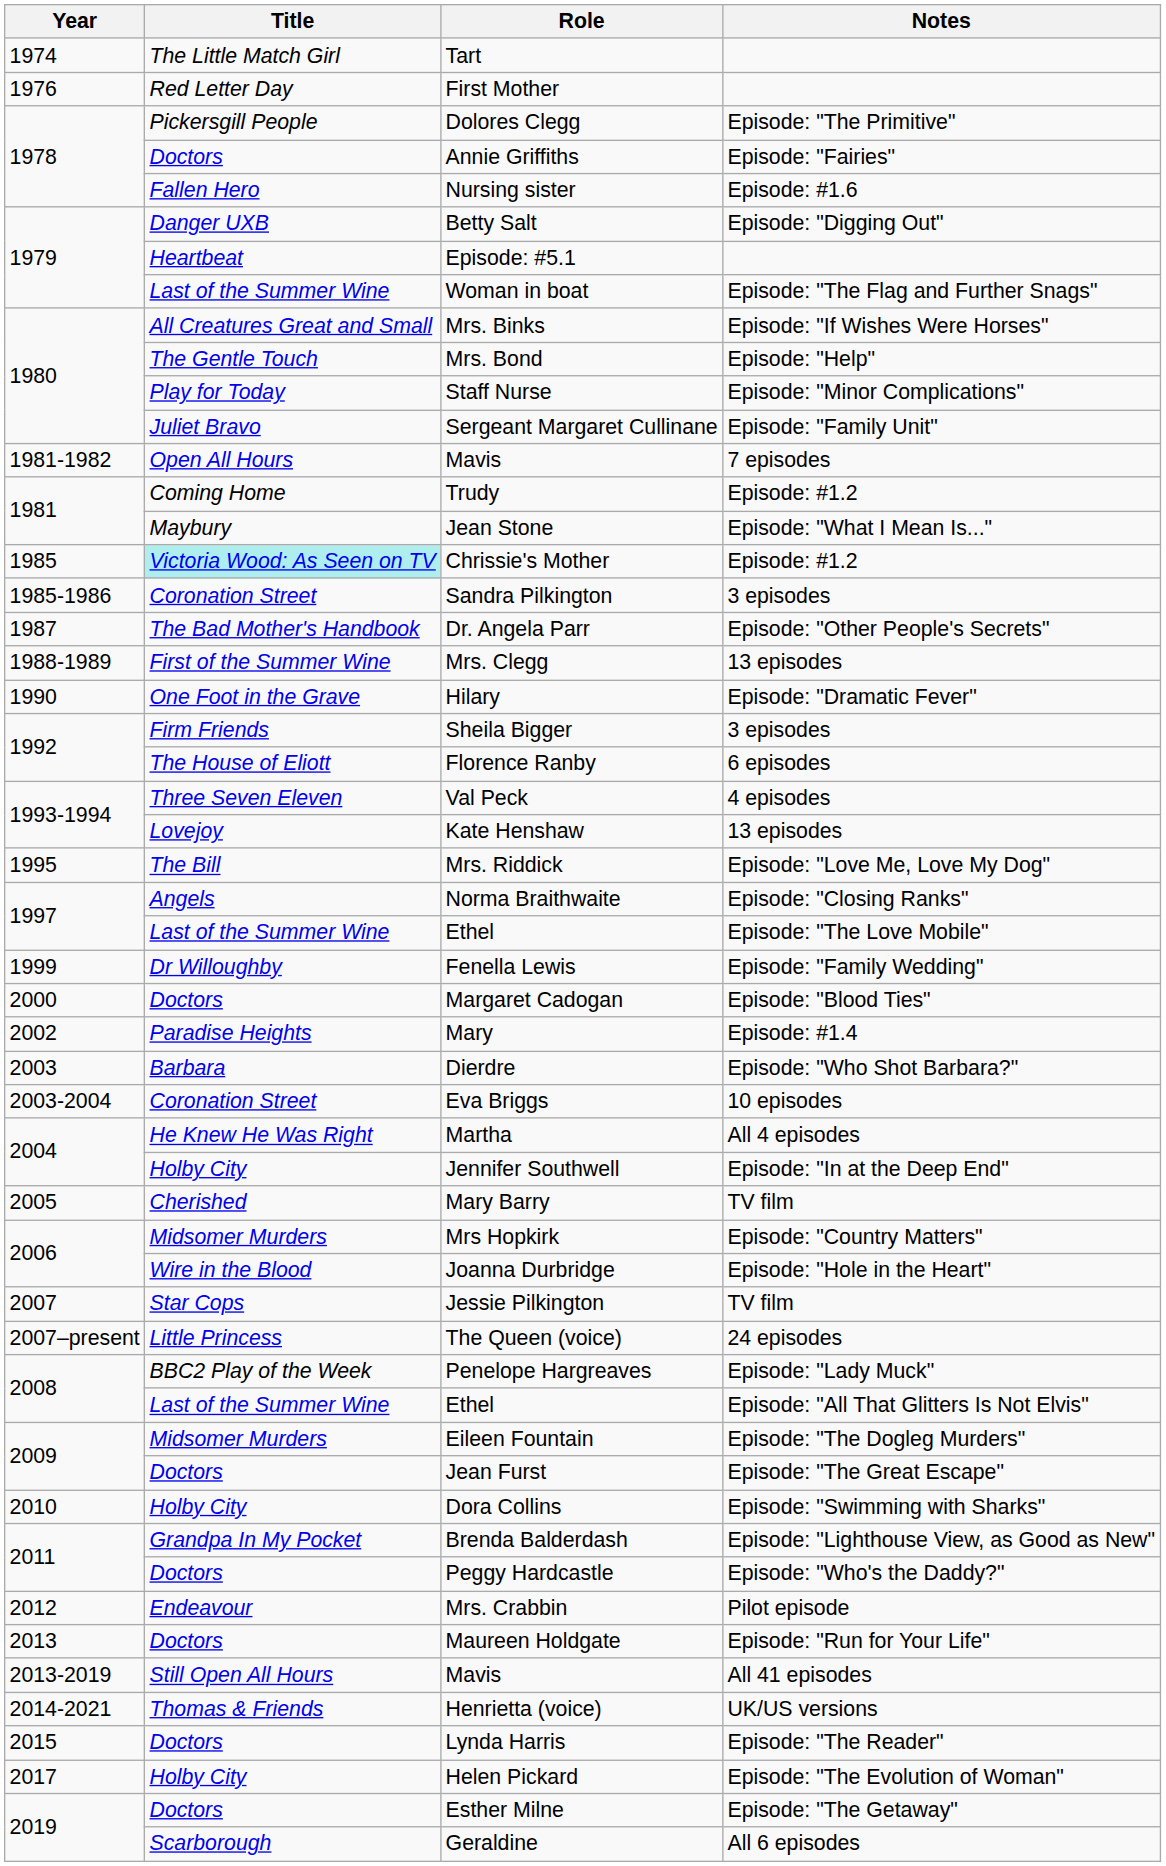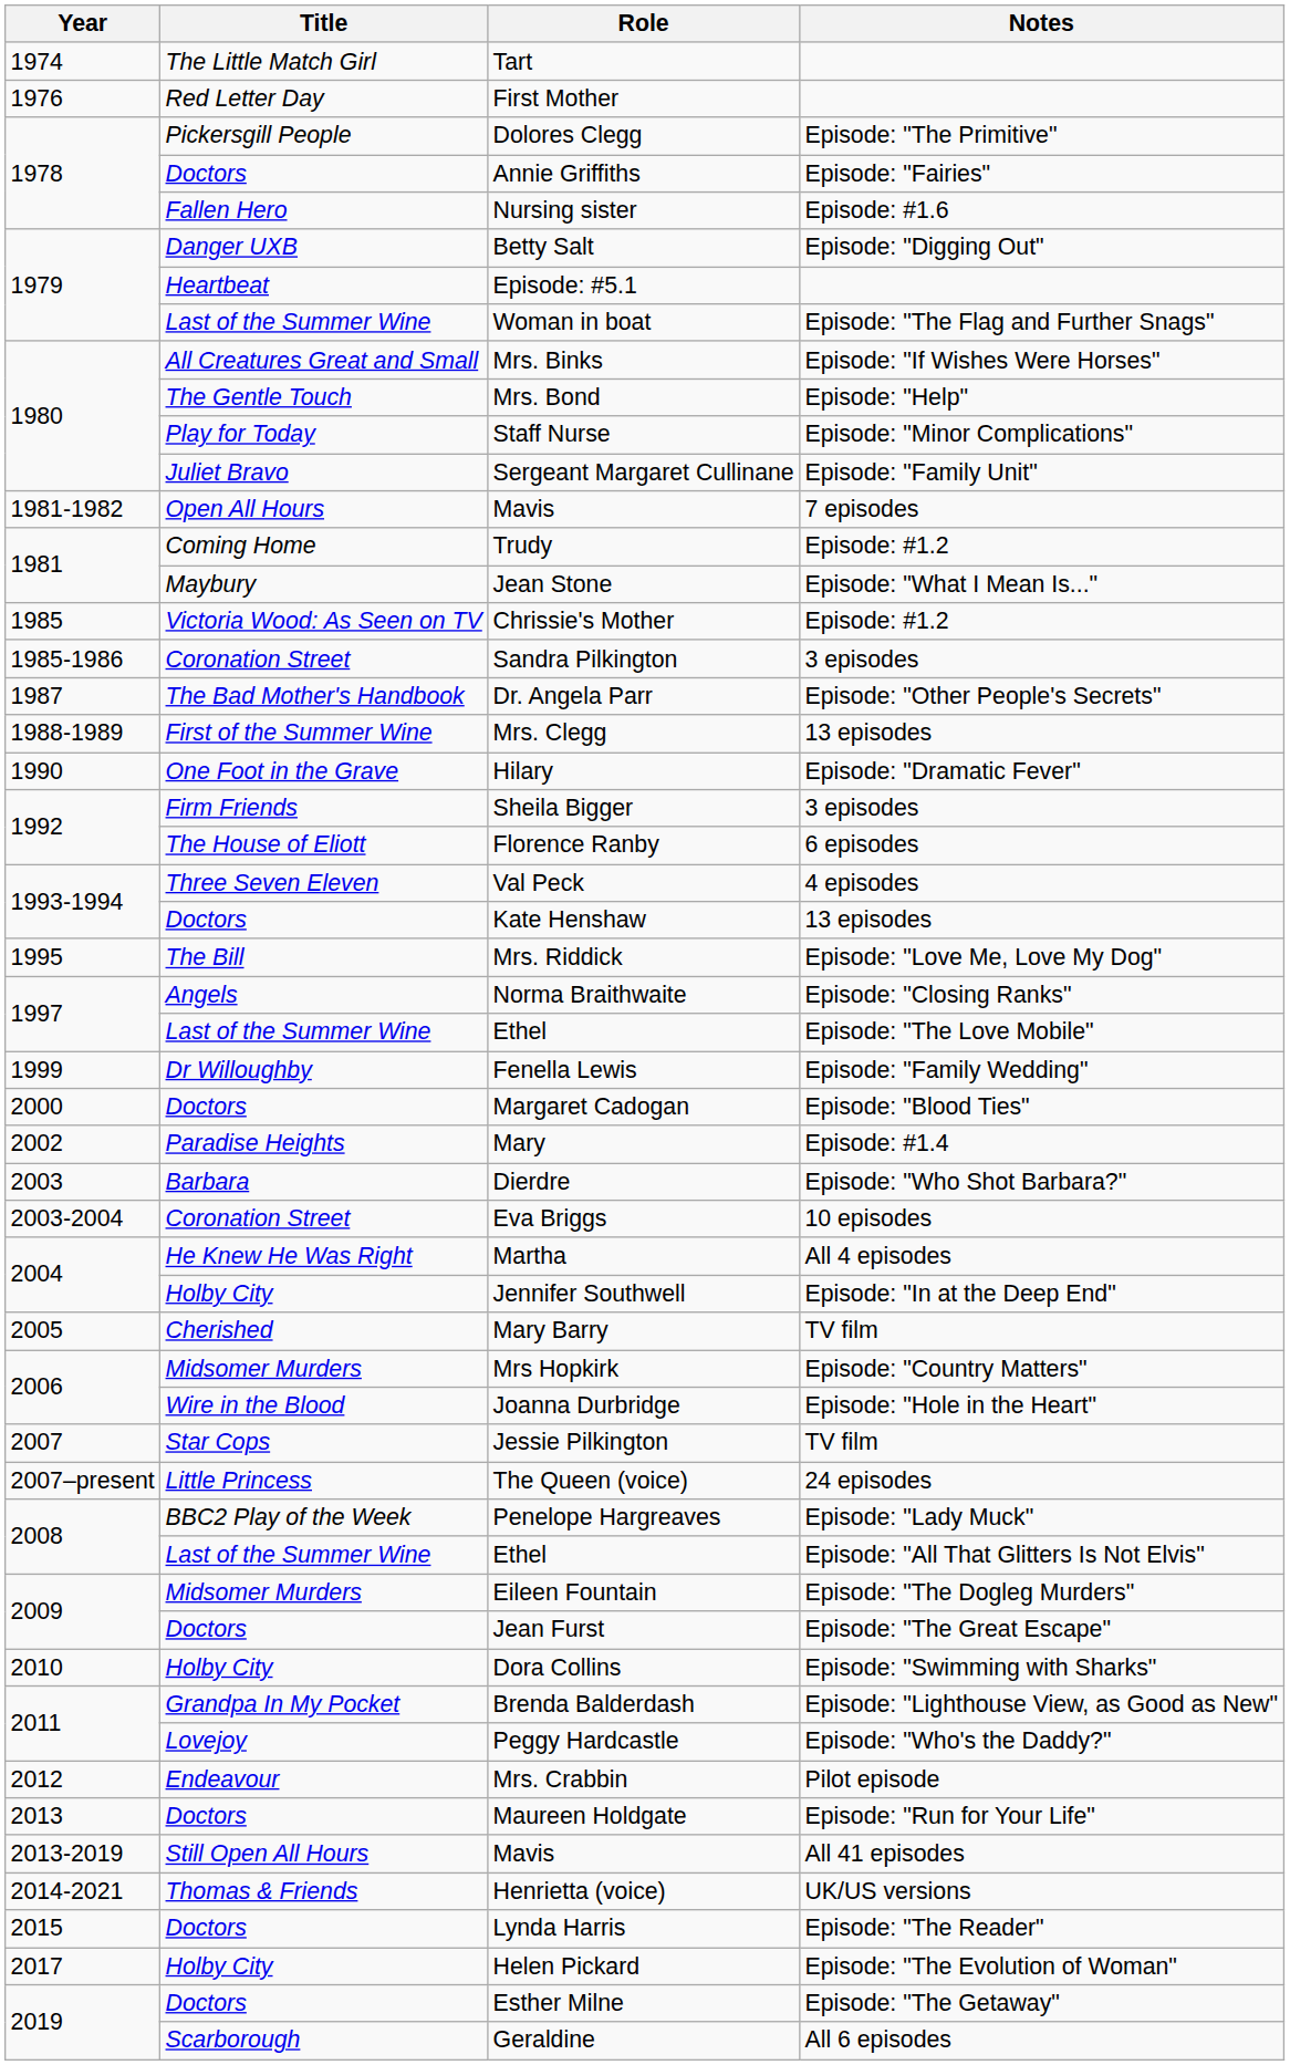 <table class="wikitable sortable">
 <tr>
 <th>Year</th>
 <th>Title</th>
 <th>Role</th>
 <th>Notes</th>
 </tr>
 <tr>
 <td>1974</td>
 <td><em>The Little Match Girl</em></td>
 <td>Tart</td>
 <td></td>
 </tr>
 <tr>
 <td>1976</td>
 <td><em>Red Letter Day</em></td>
 <td>First Mother</td>
 <td></td>
 </tr>
 <tr>
 <td rowspan="3">1978</td>
 <td><em>Pickersgill People</em></td>
 <td>Dolores Clegg</td>
 <td>Episode: "The Primitive"</td>
 </tr>
 <tr>
 <td><em><a href='#'>Doctors</a></em></td>
 <td>Annie Griffiths</td>
 <td>Episode: "Fairies"</td>
 </tr>
 <tr>
 <td><em><a href='#'>Fallen Hero</a></em></td>
 <td>Nursing sister</td>
 <td>Episode: #1.6</td>
 </tr>
 <tr>
 <td rowspan="3">1979</td>
 <td><em><a href='#'>Danger UXB</a></em></td>
 <td>Betty Salt</td>
 <td>Episode: "Digging Out"</td>
 </tr>
 <tr>
 <td><em><a href='#'>Heartbeat</a></em></td>
 <td>Episode: #5.1</td>
 <td></td>
 </tr>
 <tr>
 <td><em><a href='#'>Last of the Summer Wine</a></em></td>
 <td>Woman in boat</td>
 <td>Episode: "The Flag and Further Snags"</td>
 </tr>
 <tr>
 <td rowspan="4">1980</td>
 <td><em><a href='#'>All Creatures Great and Small</a></em></td>
 <td>Mrs. Binks</td>
 <td>Episode: "If Wishes Were Horses"</td>
 </tr>
 <tr>
 <td><em><a href='#'>The Gentle Touch</a></em></td>
 <td>Mrs. Bond</td>
 <td>Episode: "Help"</td>
 </tr>
 <tr>
 <td><em><a href='#'>Play for Today</a></em></td>
 <td>Staff Nurse</td>
 <td>Episode: "Minor Complications"</td>
 </tr>
 <tr>
 <td><em><a href='#'>Juliet Bravo</a></em></td>
 <td>Sergeant Margaret Cullinane</td>
 <td>Episode: "Family Unit"</td>
 </tr>
 <tr>
 <td>1981-1982</td>
 <td><em><a href='#'>Open All Hours</a></em></td>
 <td>Mavis</td>
 <td>7 episodes</td>
 </tr>
 <tr>
 <td rowspan="2">1981</td>
 <td><em>Coming Home</em></td>
 <td>Trudy</td>
 <td>Episode: #1.2</td>
 </tr>
 <tr>
 <td><em>Maybury</em></td>
 <td>Jean Stone</td>
 <td>Episode: "What I Mean Is..."</td>
 </tr>
 <tr>
 <td>1985</td>
-<td style="background: paleturquoise;"><em><a href='#'>Victoria Wood: As Seen on TV</a></em></td>
+<td><em><a href='#'>Victoria Wood: As Seen on TV</a></em></td>
 <td>Chrissie's Mother</td>
 <td>Episode: #1.2</td>
 </tr>
 <tr>
 <td>1985-1986</td>
 <td><em><a href='#'>Coronation Street</a></em></td>
 <td>Sandra Pilkington</td>
 <td>3 episodes</td>
 </tr>
 <tr>
 <td>1987</td>
 <td><em><a href='#'>The Bad Mother's Handbook</a></em></td>
 <td>Dr. Angela Parr</td>
 <td>Episode: "Other People's Secrets"</td>
 </tr>
 <tr>
 <td>1988-1989</td>
 <td><em><a href='#'>First of the Summer Wine</a></em></td>
 <td>Mrs. Clegg</td>
 <td>13 episodes</td>
 </tr>
 <tr>
 <td>1990</td>
 <td><em><a href='#'>One Foot in the Grave</a></em></td>
 <td>Hilary</td>
 <td>Episode: "Dramatic Fever"</td>
 </tr>
 <tr>
 <td rowspan="2">1992</td>
 <td><em><a href='#'>Firm Friends</a></em></td>
 <td>Sheila Bigger</td>
 <td>3 episodes</td>
 </tr>
 <tr>
 <td><em><a href='#'>The House of Eliott</a></em></td>
 <td>Florence Ranby</td>
 <td>6 episodes</td>
 </tr>
 <tr>
 <td rowspan="2">1993-1994</td>
 <td><em><a href='#'>Three Seven Eleven</a></em></td>
 <td>Val Peck</td>
 <td>4 episodes</td>
 </tr>
 <tr>
-<td><em><a href='#'>Lovejoy</a></em></td>
+<td><em><a href='#'>Doctors</a></em></td>
 <td>Kate Henshaw</td>
 <td>13 episodes</td>
 </tr>
 <tr>
 <td>1995</td>
 <td><em><a href='#'>The Bill</a></em></td>
 <td>Mrs. Riddick</td>
 <td>Episode: "Love Me, Love My Dog"</td>
 </tr>
 <tr>
 <td rowspan="2">1997</td>
 <td><em><a href='#'>Angels</a></em></td>
 <td>Norma Braithwaite</td>
 <td>Episode: "Closing Ranks"</td>
 </tr>
 <tr>
 <td><em><a href='#'>Last of the Summer Wine</a></em></td>
 <td>Ethel</td>
 <td>Episode: "The Love Mobile"</td>
 </tr>
 <tr>
 <td>1999</td>
 <td><em><a href='#'>Dr Willoughby</a></em></td>
 <td>Fenella Lewis</td>
 <td>Episode: "Family Wedding"</td>
 </tr>
 <tr>
 <td>2000</td>
 <td><em><a href='#'>Doctors</a></em></td>
 <td>Margaret Cadogan</td>
 <td>Episode: "Blood Ties"</td>
 </tr>
 <tr>
 <td>2002</td>
 <td><em><a href='#'>Paradise Heights</a></em></td>
 <td>Mary</td>
 <td>Episode: #1.4</td>
 </tr>
 <tr>
 <td>2003</td>
 <td><em><a href='#'>Barbara</a></em></td>
 <td>Dierdre</td>
 <td>Episode: "Who Shot Barbara?"</td>
 </tr>
 <tr>
 <td>2003-2004</td>
 <td><em><a href='#'>Coronation Street</a></em></td>
 <td>Eva Briggs</td>
 <td>10 episodes</td>
 </tr>
 <tr>
 <td rowspan="2">2004</td>
 <td><em><a href='#'>He Knew He Was Right</a></em></td>
 <td>Martha</td>
 <td>All 4 episodes</td>
 </tr>
 <tr>
 <td><em><a href='#'>Holby City</a></em></td>
 <td>Jennifer Southwell</td>
 <td>Episode: "In at the Deep End"</td>
 </tr>
 <tr>
 <td>2005</td>
 <td><em><a href='#'>Cherished</a></em></td>
 <td>Mary Barry</td>
 <td>TV film</td>
 </tr>
 <tr>
 <td rowspan="2">2006</td>
 <td><em><a href='#'>Midsomer Murders</a></em></td>
 <td>Mrs Hopkirk</td>
 <td>Episode: "Country Matters"</td>
 </tr>
 <tr>
 <td><em><a href='#'>Wire in the Blood</a></em></td>
 <td>Joanna Durbridge</td>
 <td>Episode: "Hole in the Heart"</td>
 </tr>
 <tr>
 <td>2007</td>
 <td><em><a href='#'>Star Cops</a></em></td>
 <td>Jessie Pilkington</td>
 <td>TV film</td>
 </tr>
 <tr>
 <td>2007–present</td>
 <td><em><a href='#'>Little Princess</a></em></td>
 <td>The Queen (voice)</td>
 <td>24 episodes</td>
 </tr>
 <tr>
 <td rowspan="2">2008</td>
 <td><em>BBC2 Play of the Week</em></td>
 <td>Penelope Hargreaves</td>
 <td>Episode: "Lady Muck"</td>
 </tr>
 <tr>
 <td><em><a href='#'>Last of the Summer Wine</a></em></td>
 <td>Ethel</td>
 <td>Episode: "All That Glitters Is Not Elvis"</td>
 </tr>
 <tr>
 <td rowspan="2">2009</td>
 <td><em><a href='#'>Midsomer Murders</a></em></td>
 <td>Eileen Fountain</td>
 <td>Episode: "The Dogleg Murders"</td>
 </tr>
 <tr>
 <td><em><a href='#'>Doctors</a></em></td>
 <td>Jean Furst</td>
 <td>Episode: "The Great Escape"</td>
 </tr>
 <tr>
 <td>2010</td>
 <td><em><a href='#'>Holby City</a></em></td>
 <td>Dora Collins</td>
 <td>Episode: "Swimming with Sharks"</td>
 </tr>
 <tr>
 <td rowspan="2">2011</td>
 <td><em><a href='#'>Grandpa In My Pocket</a></em></td>
 <td>Brenda Balderdash</td>
 <td>Episode: "Lighthouse View, as Good as New"</td>
 </tr>
 <tr>
-<td><em><a href='#'>Doctors</a></em></td>
+<td><em><a href='#'>Lovejoy</a></em></td>
 <td>Peggy Hardcastle</td>
 <td>Episode: "Who's the Daddy?"</td>
 </tr>
 <tr>
 <td>2012</td>
 <td><em><a href='#'>Endeavour</a></em></td>
 <td>Mrs. Crabbin</td>
 <td>Pilot episode</td>
 </tr>
 <tr>
 <td>2013</td>
 <td><em><a href='#'>Doctors</a></em></td>
 <td>Maureen Holdgate</td>
 <td>Episode: "Run for Your Life"</td>
 </tr>
 <tr>
 <td>2013-2019</td>
 <td><em><a href='#'>Still Open All Hours</a></em></td>
 <td>Mavis</td>
 <td>All 41 episodes</td>
 </tr>
 <tr>
 <td>2014-2021</td>
 <td><em><a href='#'>Thomas & Friends</a></em></td>
 <td>Henrietta (voice)</td>
 <td>UK/US versions</td>
 </tr>
 <tr>
 <td>2015</td>
 <td><em><a href='#'>Doctors</a></em></td>
 <td>Lynda Harris</td>
 <td>Episode: "The Reader"</td>
 </tr>
 <tr>
 <td>2017</td>
 <td><em><a href='#'>Holby City</a></em></td>
 <td>Helen Pickard</td>
 <td>Episode: "The Evolution of Woman"</td>
 </tr>
 <tr>
 <td rowspan="2">2019</td>
 <td><em><a href='#'>Doctors</a></em></td>
 <td>Esther Milne</td>
 <td>Episode: "The Getaway"</td>
 </tr>
 <tr>
 <td><em><a href='#'>Scarborough</a></em></td>
 <td>Geraldine</td>
 <td>All 6 episodes</td>
 </tr>
 </table>
